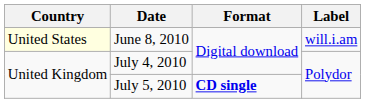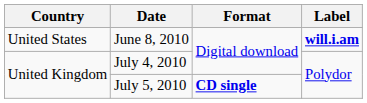 <table class="wikitable">
 <tr>
 <th>Country</th>
 <th>Date</th>
 <th>Format</th>
 <th>Label</th>
 </tr>
 <tr>
-<td style="background: lightyellow;">United States</td>
+<td>United States</td>
 <td>June 8, 2010</td>
 <td rowspan="2"><a href='#'>Digital download</a></td>
-<td><a href='#'>will.i.am</a></td>
+<td><strong><a href='#'>will.i.am</a></strong></td>
 </tr>
 <tr>
 <td rowspan="2">United Kingdom</td>
 <td>July 4, 2010</td>
 <td rowspan="2"><a href='#'>Polydor</a></td>
 </tr>
 <tr>
 <td>July 5, 2010</td>
 <td><strong><a href='#'>CD single</a></strong></td>
 </tr>
 </table>
